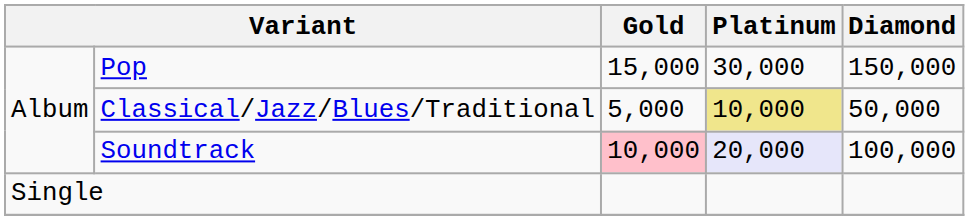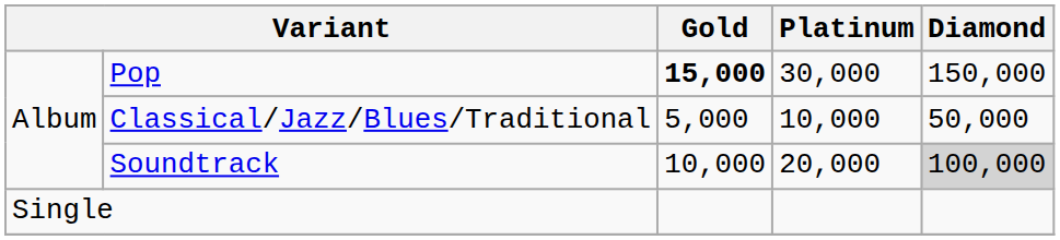 <table class="wikitable">
 <tr>
 <th colspan=2>Variant</th>
 <th>Gold</th>
 <th>Platinum</th>
 <th>Diamond</th>
 </tr>
 <tr>
 <td rowspan=3>Album</td>
 <td><a href='#'>Pop</a></td>
-<td>15,000</td>
+<td><strong>15,000</strong></td>
 <td>30,000</td>
 <td>150,000</td>
 </tr>
 <tr>
 <td><a href='#'>Classical</a>/<a href='#'>Jazz</a>/<a href='#'>Blues</a>/Traditional</td>
 <td>5,000</td>
-<td style="background: khaki;">10,000</td>
+<td>10,000</td>
 <td>50,000</td>
 </tr>
 <tr>
 <td><a href='#'>Soundtrack</a></td>
-<td style="background: pink;">10,000</td>
-<td style="background: lavender;">20,000</td>
-<td>100,000</td>
+<td>10,000</td>
+<td>20,000</td>
+<td style="background: lightgrey;">100,000</td>
 </tr>
 <tr>
 <td colspan=2>Single</td>
 <td></td>
 <td></td>
 <td></td>
 </tr>
 <tr>
 </tr>
 </table>
